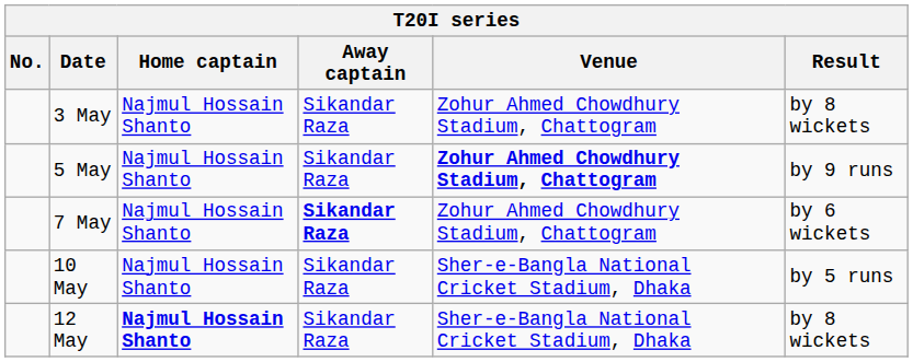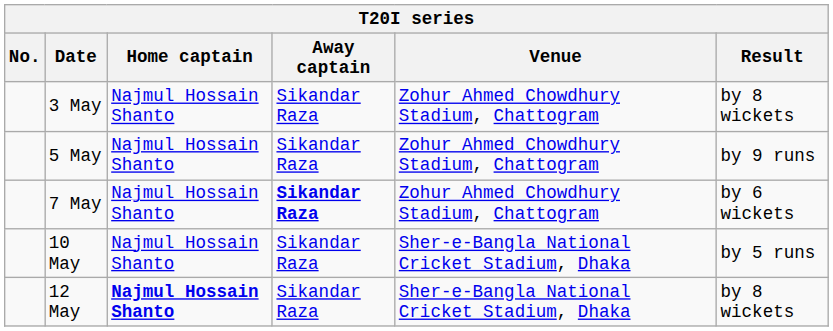 <table class="wikitable">
 <tr>
 <th colspan="9">T20I series</th>
 </tr>
 <tr>
 <th>No.</th>
 <th>Date</th>
 <th>Home captain</th>
 <th>Away captain</th>
 <th>Venue</th>
 <th>Result</th>
 </tr>
 <tr>
 <td></td>
 <td>3 May</td>
 <td><a href='#'>Najmul Hossain Shanto</a></td>
 <td><a href='#'>Sikandar Raza</a></td>
 <td><a href='#'>Zohur Ahmed Chowdhury Stadium</a>, <a href='#'>Chattogram</a></td>
 <td> by 8 wickets</td>
 </tr>
 <tr>
 <td></td>
 <td>5 May</td>
 <td><a href='#'>Najmul Hossain Shanto</a></td>
 <td><a href='#'>Sikandar Raza</a></td>
-<td><strong><a href='#'>Zohur Ahmed Chowdhury Stadium</a>, <a href='#'>Chattogram</a></strong></td>
+<td><a href='#'>Zohur Ahmed Chowdhury Stadium</a>, <a href='#'>Chattogram</a></td>
 <td> by 9 runs</td>
 </tr>
 <tr>
 <td></td>
 <td>7 May</td>
 <td><a href='#'>Najmul Hossain Shanto</a></td>
 <td><strong><a href='#'>Sikandar Raza</a></strong></td>
 <td><a href='#'>Zohur Ahmed Chowdhury Stadium</a>, <a href='#'>Chattogram</a></td>
 <td> by 6 wickets</td>
 </tr>
 <tr>
 <td></td>
 <td>10 May</td>
 <td><a href='#'>Najmul Hossain Shanto</a></td>
 <td><a href='#'>Sikandar Raza</a></td>
 <td><a href='#'>Sher-e-Bangla National Cricket Stadium</a>, <a href='#'>Dhaka</a></td>
 <td> by 5 runs</td>
 </tr>
 <tr>
 <td></td>
 <td>12 May</td>
 <td><strong><a href='#'>Najmul Hossain Shanto</a></strong></td>
 <td><a href='#'>Sikandar Raza</a></td>
 <td><a href='#'>Sher-e-Bangla National Cricket Stadium</a>, <a href='#'>Dhaka</a></td>
 <td> by 8 wickets</td>
 </tr>
 </table>
